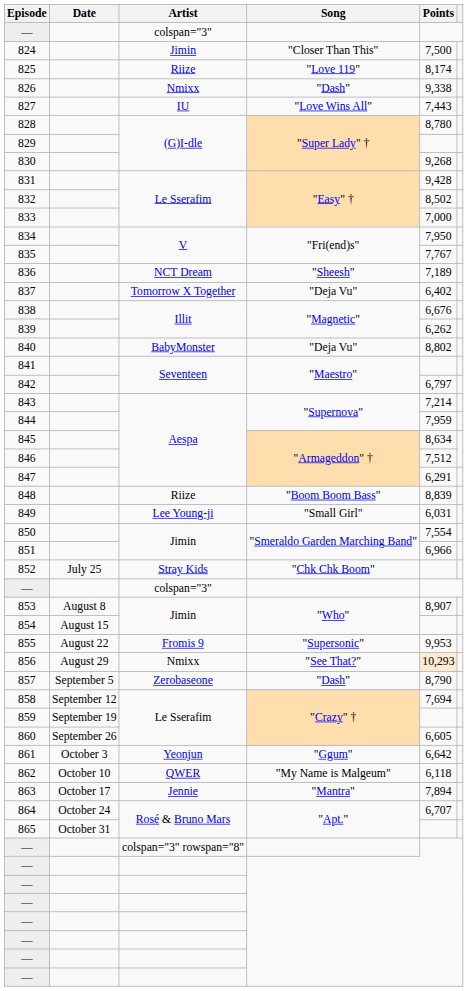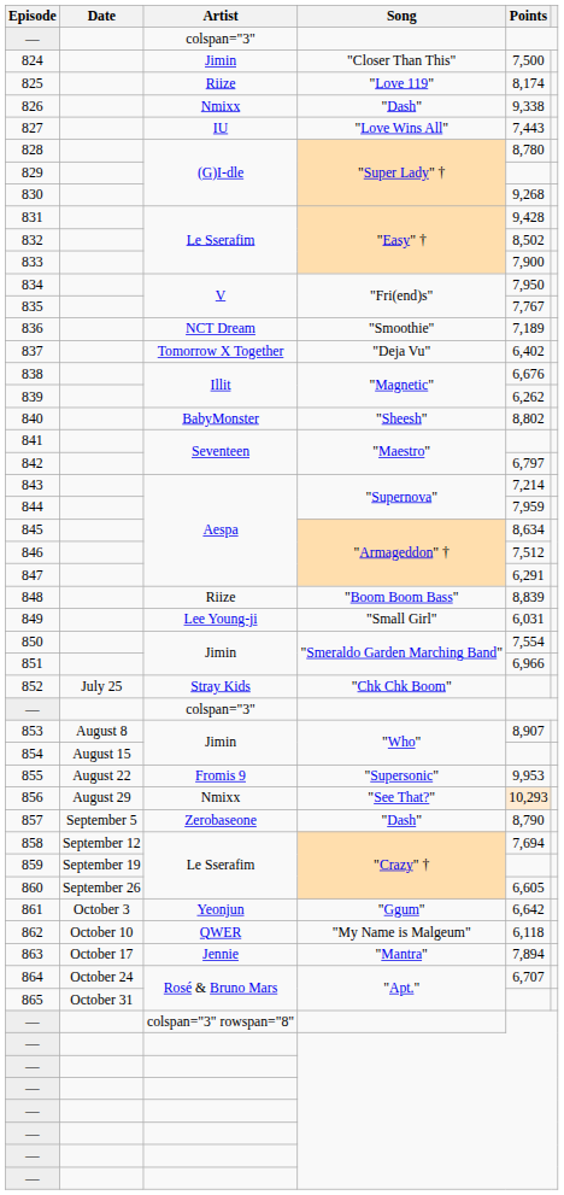 <table class="wikitable plainrowheaders sortable" style="text-align:center">
 <tr>
 <th scope="col">Episode</th>
 <th scope="col">Date</th>
 <th scope="col">Artist</th>
 <th scope="col">Song</th>
 <th scope="col">Points</th>
 <th class="unsortable"></th>
 </tr>
 <tr>
 <td style="background:#eee">—</td>
 <td></td>
 <td>colspan="3" </td>
 <td></td>
 </tr>
 <tr>
 <td>824</td>
 <td></td>
 <td><a href='#'>Jimin</a></td>
 <td>"Closer Than This"</td>
 <td>7,500</td>
 <td></td>
 </tr>
 <tr>
 <td>825</td>
 <td></td>
 <td><a href='#'>Riize</a></td>
 <td>"<a href='#'>Love 119</a>"</td>
 <td>8,174</td>
 <td></td>
 </tr>
 <tr>
 <td>826</td>
 <td></td>
 <td><a href='#'>Nmixx</a></td>
 <td>"<a href='#'>Dash</a>"</td>
 <td>9,338</td>
 <td></td>
 </tr>
 <tr>
 <td>827</td>
 <td></td>
 <td><a href='#'>IU</a></td>
 <td>"<a href='#'>Love Wins All</a>"</td>
 <td>7,443</td>
 <td></td>
 </tr>
 <tr>
 <td>828</td>
 <td></td>
 <td rowspan="3"><a href='#'>(G)I-dle</a></td>
 <td rowspan="3" style="background:navajowhite">"<a href='#'>Super Lady</a>" †</td>
 <td>8,780</td>
 <td></td>
 </tr>
 <tr>
 <td>829</td>
 <td></td>
 <td></td>
 <td></td>
 </tr>
 <tr>
 <td>830</td>
 <td></td>
 <td>9,268</td>
 <td></td>
 </tr>
 <tr>
 <td>831</td>
 <td></td>
 <td rowspan="3"><a href='#'>Le Sserafim</a></td>
 <td rowspan="3" style="background:navajowhite">"<a href='#'>Easy</a>" †</td>
 <td>9,428</td>
 <td></td>
 </tr>
 <tr>
 <td>832</td>
 <td></td>
 <td>8,502</td>
 <td></td>
 </tr>
 <tr>
 <td>833</td>
 <td></td>
-<td>7,000</td>
+<td>7,900</td>
 <td></td>
 </tr>
 <tr>
 <td>834</td>
 <td></td>
 <td rowspan="2"><a href='#'>V</a></td>
 <td rowspan="2">"Fri(end)s"</td>
 <td>7,950</td>
 <td></td>
 </tr>
 <tr>
 <td>835</td>
 <td></td>
 <td>7,767</td>
 <td></td>
 </tr>
 <tr>
 <td>836</td>
 <td></td>
 <td><a href='#'>NCT Dream</a></td>
-<td>"<a href='#'>Sheesh</a>"</td>
+<td>"Smoothie"</td>
 <td>7,189</td>
 <td></td>
 </tr>
 <tr>
 <td>837</td>
 <td></td>
 <td><a href='#'>Tomorrow X Together</a> </td>
 <td>"Deja Vu"</td>
 <td>6,402</td>
 <td></td>
 </tr>
 <tr>
 <td>838</td>
 <td></td>
 <td rowspan="2"><a href='#'>Illit</a></td>
 <td rowspan="2">"<a href='#'>Magnetic</a>"</td>
 <td>6,676</td>
 <td></td>
 </tr>
 <tr>
 <td>839</td>
 <td></td>
 <td>6,262</td>
 <td></td>
 </tr>
 <tr>
 <td>840</td>
 <td></td>
 <td><a href='#'>BabyMonster</a></td>
-<td>"Deja Vu"</td>
+<td>"<a href='#'>Sheesh</a>"</td>
 <td>8,802</td>
 <td></td>
 </tr>
 <tr>
 <td>841</td>
 <td></td>
 <td rowspan="2"><a href='#'>Seventeen</a></td>
 <td rowspan="2">"<a href='#'>Maestro</a>"</td>
 <td></td>
 <td></td>
 </tr>
 <tr>
 <td>842</td>
 <td></td>
 <td>6,797</td>
 <td></td>
 </tr>
 <tr>
 <td>843</td>
 <td></td>
 <td rowspan="5"><a href='#'>Aespa</a></td>
 <td rowspan="2">"<a href='#'>Supernova</a>"</td>
 <td>7,214</td>
 <td></td>
 </tr>
 <tr>
 <td>844</td>
 <td></td>
 <td>7,959</td>
 <td></td>
 </tr>
 <tr>
 <td>845</td>
 <td></td>
 <td rowspan="3" style="background:navajowhite">"<a href='#'>Armageddon</a>" †</td>
 <td>8,634</td>
 <td rowspan="2"></td>
 </tr>
 <tr>
 <td>846</td>
 <td></td>
 <td>7,512</td>
 </tr>
 <tr>
 <td>847</td>
 <td></td>
 <td>6,291</td>
 <td></td>
 </tr>
 <tr>
 <td>848</td>
 <td></td>
 <td>Riize</td>
 <td>"<a href='#'>Boom Boom Bass</a>"</td>
 <td>8,839</td>
 <td></td>
 </tr>
 <tr>
 <td>849</td>
 <td></td>
 <td><a href='#'>Lee Young-ji</a></td>
 <td>"Small Girl"</td>
 <td>6,031</td>
 <td></td>
 </tr>
 <tr>
 <td>850</td>
 <td></td>
 <td rowspan="2">Jimin</td>
 <td rowspan="2">"<a href='#'>Smeraldo Garden Marching Band</a>"</td>
 <td>7,554</td>
 <td></td>
 </tr>
 <tr>
 <td>851</td>
 <td></td>
 <td>6,966</td>
 <td></td>
 </tr>
 <tr>
 <td>852</td>
 <td>July 25</td>
 <td><a href='#'>Stray Kids</a></td>
 <td>"<a href='#'>Chk Chk Boom</a>"</td>
 <td></td>
 <td></td>
 </tr>
 <tr>
 <td style="background:#eee">—</td>
 <td></td>
 <td>colspan="3" </td>
 <td></td>
 </tr>
 <tr>
 <td>853</td>
 <td>August 8</td>
 <td rowspan="2">Jimin</td>
 <td rowspan="2">"<a href='#'>Who</a>"</td>
 <td>8,907</td>
 <td></td>
 </tr>
 <tr>
 <td>854</td>
 <td>August 15</td>
 <td></td>
 <td></td>
 </tr>
 <tr>
 <td>855</td>
 <td>August 22</td>
 <td><a href='#'>Fromis 9</a></td>
 <td>"<a href='#'>Supersonic</a>"</td>
 <td>9,953</td>
 <td></td>
 </tr>
 <tr>
 <td>856</td>
 <td>August 29</td>
 <td>Nmixx</td>
 <td>"<a href='#'>See That?</a>"</td>
 <td style="background:#FFEBD2">10,293 </td>
 <td></td>
 </tr>
 <tr>
 <td>857</td>
 <td>September 5</td>
 <td><a href='#'>Zerobaseone</a></td>
 <td>"<a href='#'>Dash</a>"</td>
 <td>8,790</td>
 <td></td>
 </tr>
 <tr>
 <td>858</td>
 <td>September 12</td>
 <td rowspan="3">Le Sserafim</td>
 <td rowspan="3" style="background:navajowhite">"<a href='#'>Crazy</a>" †</td>
 <td>7,694</td>
 <td></td>
 </tr>
 <tr>
 <td>859</td>
 <td>September 19</td>
 <td></td>
 <td></td>
 </tr>
 <tr>
 <td>860</td>
 <td>September 26</td>
 <td>6,605</td>
 <td></td>
 </tr>
 <tr>
 <td>861</td>
 <td>October 3</td>
 <td><a href='#'>Yeonjun</a></td>
 <td>"<a href='#'>Ggum</a>"</td>
 <td>6,642</td>
 <td></td>
 </tr>
 <tr>
 <td>862</td>
 <td>October 10</td>
 <td><a href='#'>QWER</a></td>
 <td>"My Name is Malgeum"</td>
 <td>6,118</td>
 <td></td>
 </tr>
 <tr>
 <td>863</td>
 <td>October 17</td>
 <td><a href='#'>Jennie</a></td>
 <td>"<a href='#'>Mantra</a>"</td>
 <td>7,894</td>
 <td></td>
 </tr>
 <tr>
 <td>864</td>
 <td>October 24</td>
 <td rowspan="2"><a href='#'>Rosé</a> & <a href='#'>Bruno Mars</a></td>
 <td rowspan="2">"<a href='#'>Apt.</a>"</td>
 <td>6,707</td>
 <td></td>
 </tr>
 <tr>
 <td>865</td>
 <td>October 31</td>
 <td></td>
 <td></td>
 </tr>
 <tr>
 <td style="background:#eee">—</td>
 <td></td>
 <td>colspan="3" rowspan="8" </td>
 <td></td>
 </tr>
 <tr>
 <td style="background:#eee">—</td>
 <td></td>
 <td></td>
 </tr>
 <tr>
 <td style="background:#eee">—</td>
 <td></td>
 <td></td>
 </tr>
 <tr>
 <td style="background:#eee">—</td>
 <td></td>
 <td></td>
 </tr>
 <tr>
 <td style="background:#eee">—</td>
 <td></td>
 <td></td>
 </tr>
 <tr>
 <td style="background:#eee">—</td>
 <td></td>
 <td></td>
 </tr>
 <tr>
 <td style="background:#eee">—</td>
 <td></td>
 <td></td>
 </tr>
 <tr>
 <td style="background:#eee">—</td>
 <td></td>
 <td></td>
 </tr>
 </table>
